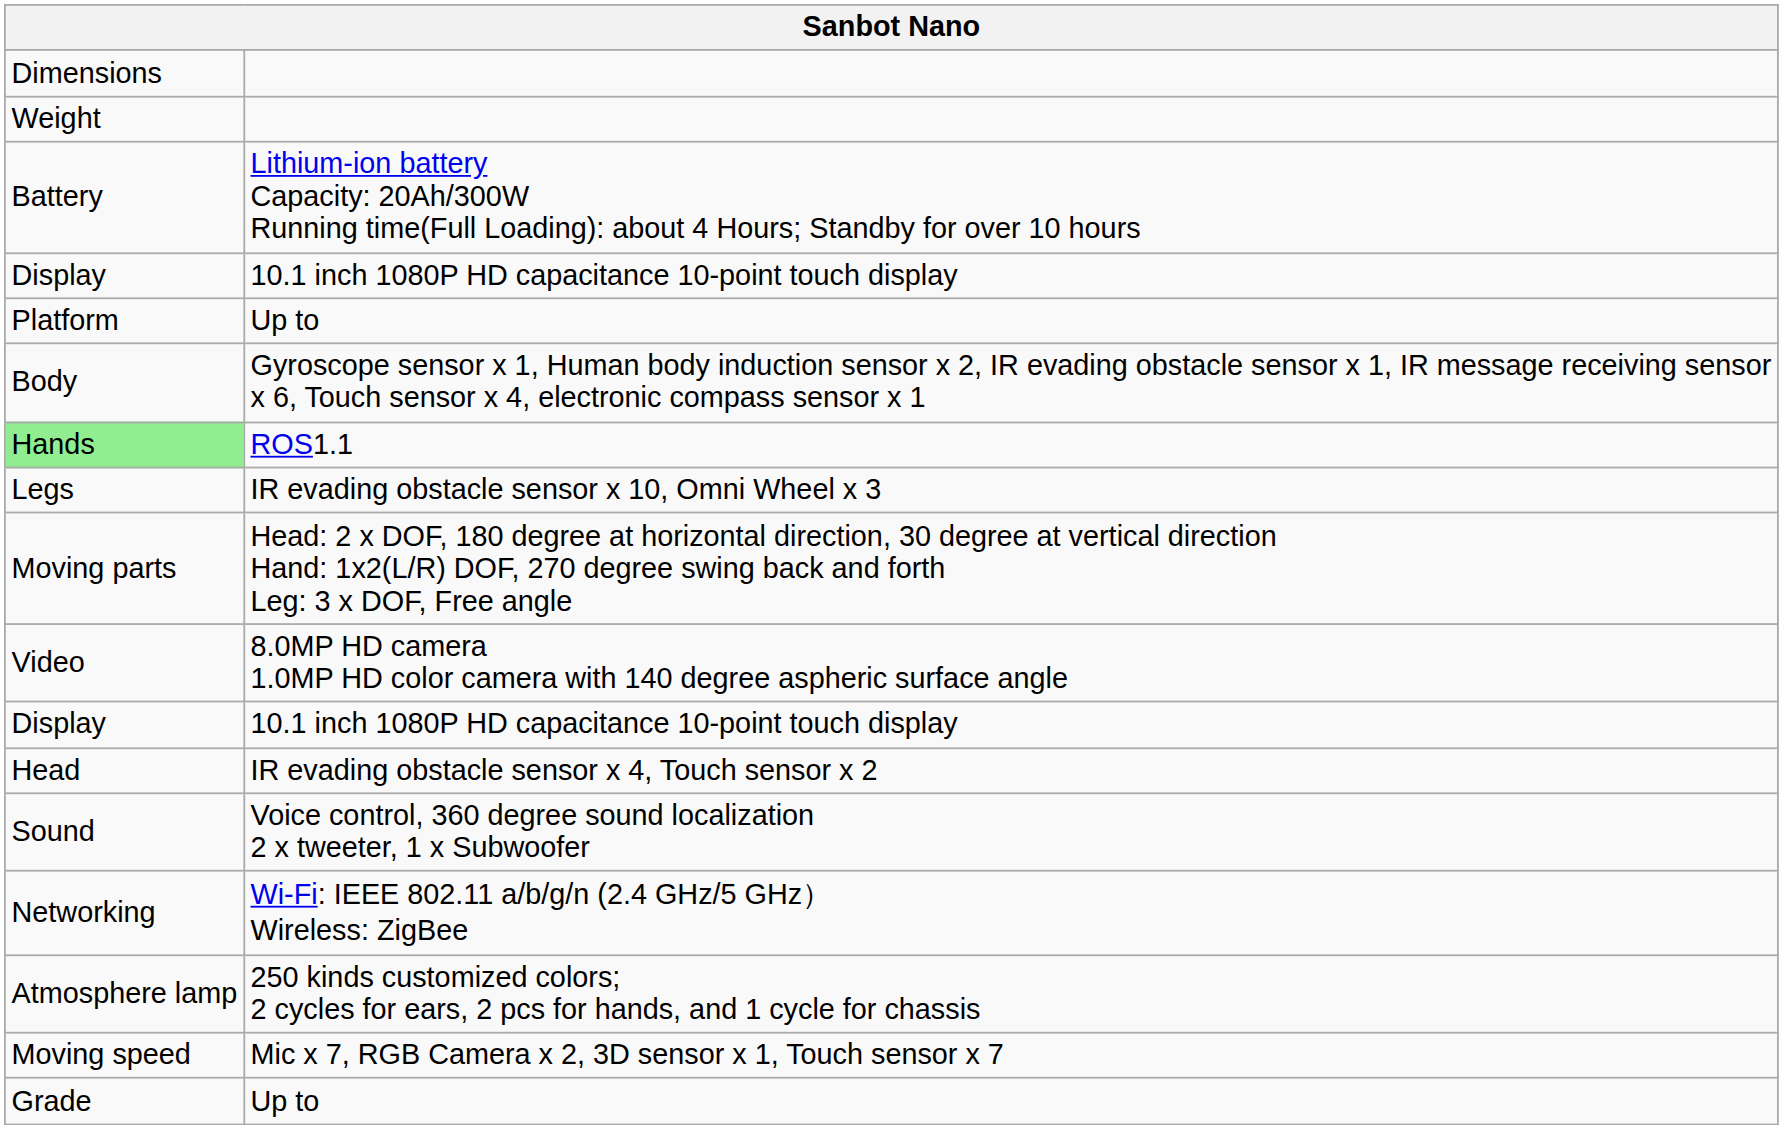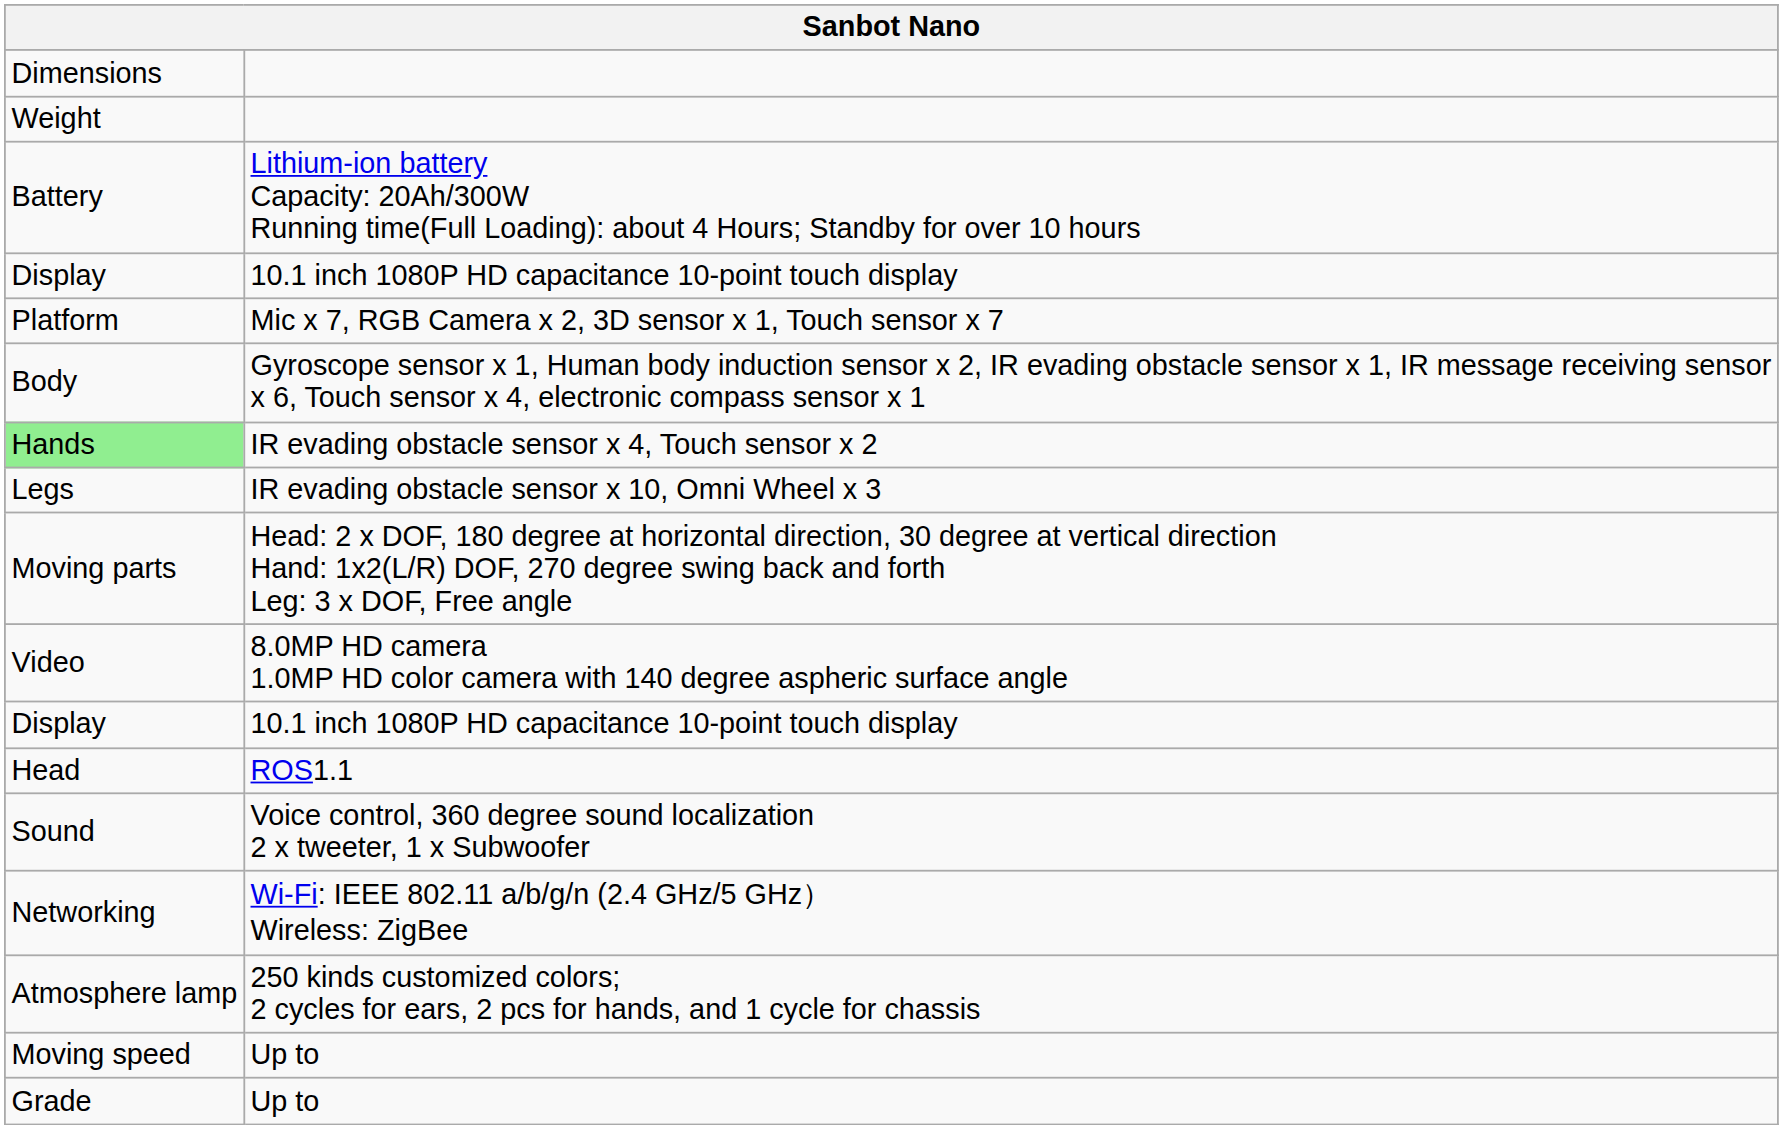 <table class="wikitable mw-collapsible mw-collapsed">
 <tr>
 <th colspan="2">Sanbot Nano</th>
 </tr>
 <tr>
 <td>Dimensions</td>
 <td></td>
 </tr>
 <tr>
 <td>Weight</td>
 <td></td>
 </tr>
 <tr>
 <td>Battery</td>
 <td><a href='#'>Lithium-ion battery</a><br>Capacity: 20Ah/300W<br>Running time(Full Loading): about 4 Hours; Standby for over 10 hours</td>
 </tr>
 <tr>
 <td>Display</td>
 <td>10.1 inch 1080P HD capacitance 10-point touch display</td>
 </tr>
 <tr>
 <td>Platform</td>
-<td>Up to </td>
+<td>Mic x 7, RGB Camera x 2, 3D sensor x  1, Touch sensor x 7</td>
 </tr>
 <tr>
 <td>Body</td>
 <td>Gyroscope sensor x 1, Human body induction sensor x 2, IR evading obstacle sensor x 1, IR message receiving sensor<br> x 6, Touch sensor x 4, electronic compass sensor x 1</td>
 </tr>
 <tr>
 <td style="background: lightgreen;">Hands</td>
-<td><a href='#'>ROS</a>1.1</td>
+<td>IR evading obstacle sensor x 4, Touch sensor x 2</td>
 </tr>
 <tr>
 <td>Legs</td>
 <td>IR evading obstacle sensor x 10, Omni Wheel x 3</td>
 </tr>
 <tr>
 <td>Moving parts</td>
 <td>Head: 2 x DOF, 180 degree at horizontal direction, 30 degree at  vertical direction<br>Hand: 1x2(L/R) DOF, 270 degree swing back and forth<br>Leg: 3 x DOF, Free angle</td>
 </tr>
 <tr>
 <td>Video</td>
 <td>8.0MP HD camera<br>1.0MP HD color camera with 140 degree aspheric surface angle</td>
 </tr>
 <tr>
 <td>Display</td>
 <td>10.1 inch 1080P HD capacitance 10-point touch display</td>
 </tr>
 <tr>
 <td>Head</td>
-<td>IR evading obstacle sensor x 4, Touch sensor x 2</td>
+<td><a href='#'>ROS</a>1.1</td>
 </tr>
 <tr>
 <td>Sound</td>
 <td>Voice control, 360 degree sound localization<br>2 x tweeter, 1 x Subwoofer</td>
 </tr>
 <tr>
 <td>Networking</td>
 <td><a href='#'>Wi-Fi</a>: IEEE 802.11 a/b/g/n (2.4 GHz/5 GHz）<br> Wireless: ZigBee</td>
 </tr>
 <tr>
 <td>Atmosphere lamp</td>
 <td>250 kinds customized colors;<br>2 cycles for ears, 2 pcs for hands, and 1 cycle for chassis</td>
 </tr>
 <tr>
 <td>Moving speed</td>
-<td>Mic x 7, RGB Camera x 2, 3D sensor x  1, Touch sensor x 7</td>
+<td>Up to </td>
 </tr>
 <tr>
 <td>Grade</td>
 <td>Up to </td>
 </tr>
 </table>
